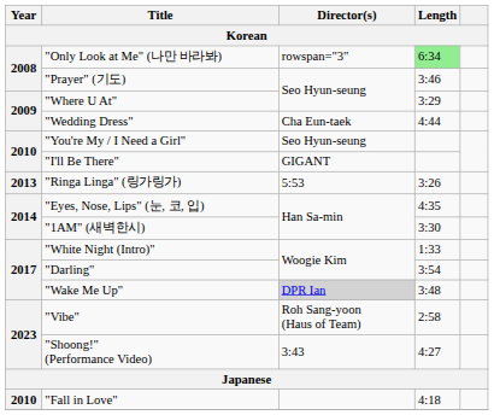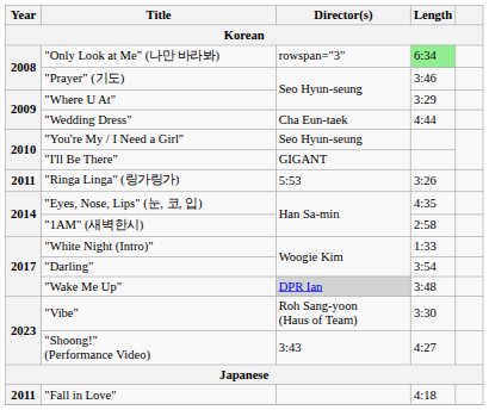 <table class="wikitable sortable plainrowheaders">
 <tr>
 <th scope="col" style="width:2.5em;">Year</th>
 <th scope="col" style="width:20em;">Title</th>
 <th scope="col" style="width:11em;">Director(s)</th>
 <th>Length</th>
 <th style="width:2em;" class="unsortable"></th>
 </tr>
 <tr>
 <th colspan="5">Korean</th>
 </tr>
 <tr>
 <th scope="row" rowspan="2">2008</th>
 <td>"Only Look at Me" (나만 바라봐)</td>
 <td>rowspan="3" </td>
 <td style="background: lightgreen;">6:34</td>
 <td style="text-align:center"></td>
 </tr>
 <tr>
 <td>"Prayer" (기도) </td>
 <td rowspan="2">Seo Hyun-seung</td>
 <td>3:46</td>
 <td style="text-align:center"></td>
 </tr>
 <tr>
 <th scope="row" rowspan="2">2009</th>
 <td>"Where U At"</td>
 <td>3:29</td>
 <td style="text-align:center"></td>
 </tr>
 <tr>
 <td>"Wedding Dress"</td>
 <td>Cha Eun-taek</td>
 <td>4:44</td>
 <td style="text-align:center"></td>
 </tr>
 <tr>
 <th scope="row" rowspan="2">2010</th>
 <td>"You're My / I Need a Girl" </td>
 <td>Seo Hyun-seung</td>
 <td style="text-align:center"></td>
 </tr>
 <tr>
 <td>"I'll Be There"</td>
 <td>GIGANT</td>
 <td style="text-align:center"></td>
 </tr>
 <tr>
-<th scope="row">2013</th>
+<th scope="row">2011</th>
 <td>"Ringa Linga" (링가링가)</td>
 <td>5:53</td>
 <td>3:26</td>
 <td style="text-align:center"></td>
 </tr>
 <tr>
 <th scope="row" rowspan="2">2014</th>
 <td>"Eyes, Nose, Lips" (눈, 코, 입)</td>
 <td rowspan="2">Han Sa-min</td>
 <td>4:35</td>
 <td style="text-align:center"></td>
 </tr>
 <tr>
 <td>"1AM" (새벽한시)</td>
-<td>3:30</td>
+<td>2:58</td>
 <td style="text-align:center"></td>
 </tr>
 <tr>
 <th scope="row" rowspan="3">2017</th>
 <td>"White Night (Intro)"</td>
 <td rowspan="2">Woogie Kim</td>
 <td>1:33</td>
 <td style="text-align:center"></td>
 </tr>
 <tr>
 <td>"Darling"</td>
 <td>3:54</td>
 <td style="text-align:center"></td>
 </tr>
 <tr>
 <td>"Wake Me Up"</td>
 <td style="background: lightgrey;"><a href='#'>DPR Ian</a></td>
 <td>3:48</td>
 <td style="text-align:center"></td>
 </tr>
 <tr>
 <th scope="row"rowspan="2">2023</th>
 <td>"Vibe" </td>
 <td>Roh Sang-yoon<br>(Haus of Team)</td>
-<td>2:58</td>
+<td>3:30</td>
 <td style="text-align:center"></td>
 </tr>
 <tr>
 <td>"Shoong!" <br>(Performance Video)</td>
 <td>3:43</td>
 <td>4:27</td>
 <td style="text-align:center"></td>
 </tr>
 <tr>
 <th colspan="5">Japanese</th>
 </tr>
 <tr>
-<th scope="row">2010</th>
+<th scope="row">2011</th>
 <td>"Fall in Love" </td>
 <td></td>
 <td>4:18</td>
 <td style="text-align:center"></td>
 </tr>
 <tr>
 </tr>
 </table>
